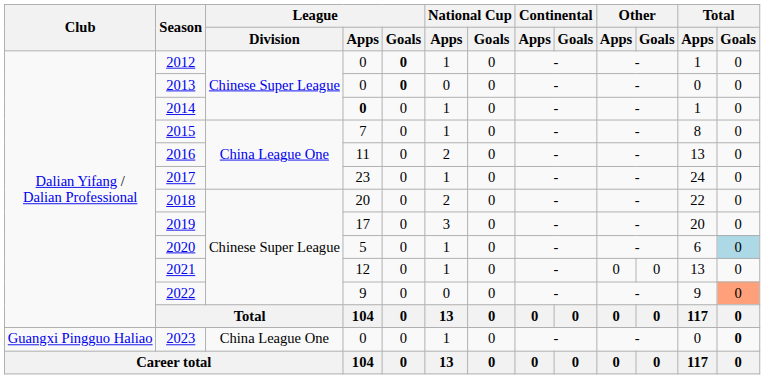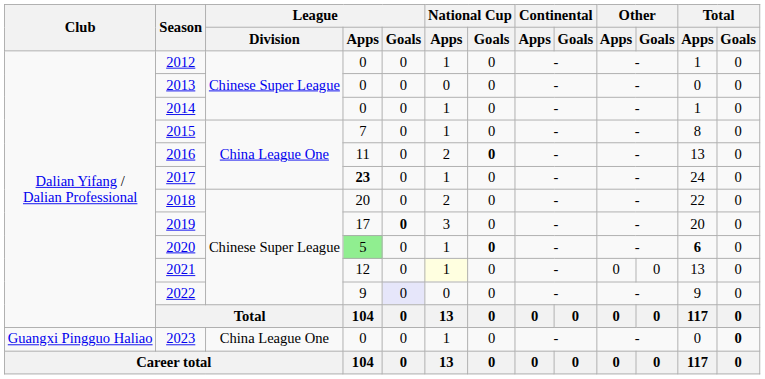 <table class="wikitable" style="text-align: center">
 <tr>
 <th rowspan="2">Club</th>
 <th rowspan="2">Season</th>
 <th colspan="3">League</th>
 <th colspan="2">National Cup</th>
 <th colspan="2">Continental</th>
 <th colspan="2">Other</th>
 <th colspan="2">Total</th>
 </tr>
 <tr>
 <th>Division</th>
 <th>Apps</th>
 <th>Goals</th>
 <th>Apps</th>
 <th>Goals</th>
 <th>Apps</th>
 <th>Goals</th>
 <th>Apps</th>
 <th>Goals</th>
 <th>Apps</th>
 <th>Goals</th>
 </tr>
 <tr>
 <td rowspan="12"><a href='#'>Dalian Yifang</a> /<br><a href='#'>Dalian Professional</a></td>
 <td><a href='#'>2012</a></td>
 <td rowspan="3"><a href='#'>Chinese Super League</a></td>
 <td>0</td>
-<td><strong>0</strong></td>
+<td>0</td>
 <td>1</td>
 <td>0</td>
 <td colspan="2">-</td>
 <td colspan="2">-</td>
 <td>1</td>
 <td>0</td>
 </tr>
 <tr>
 <td><a href='#'>2013</a></td>
 <td>0</td>
-<td><strong>0</strong></td>
+<td>0</td>
 <td>0</td>
 <td>0</td>
 <td colspan="2">-</td>
 <td colspan="2">-</td>
 <td>0</td>
 <td>0</td>
 </tr>
 <tr>
 <td><a href='#'>2014</a></td>
-<td><strong>0</strong></td>
+<td>0</td>
 <td>0</td>
 <td>1</td>
 <td>0</td>
 <td colspan="2">-</td>
 <td colspan="2">-</td>
 <td>1</td>
 <td>0</td>
 </tr>
 <tr>
 <td><a href='#'>2015</a></td>
 <td rowspan="3"><a href='#'>China League One</a></td>
 <td>7</td>
 <td>0</td>
 <td>1</td>
 <td>0</td>
 <td colspan="2">-</td>
 <td colspan="2">-</td>
 <td>8</td>
 <td>0</td>
 </tr>
 <tr>
 <td><a href='#'>2016</a></td>
 <td>11</td>
 <td>0</td>
 <td>2</td>
-<td>0</td>
+<td><strong>0</strong></td>
 <td colspan="2">-</td>
 <td colspan="2">-</td>
 <td>13</td>
 <td>0</td>
 </tr>
 <tr>
 <td><a href='#'>2017</a></td>
-<td>23</td>
+<td><strong>23</strong></td>
 <td>0</td>
 <td>1</td>
 <td>0</td>
 <td colspan="2">-</td>
 <td colspan="2">-</td>
 <td>24</td>
 <td>0</td>
 </tr>
 <tr>
 <td><a href='#'>2018</a></td>
 <td rowspan="5">Chinese Super League</td>
 <td>20</td>
 <td>0</td>
 <td>2</td>
 <td>0</td>
 <td colspan="2">-</td>
 <td colspan="2">-</td>
 <td>22</td>
 <td>0</td>
 </tr>
 <tr>
 <td><a href='#'>2019</a></td>
 <td>17</td>
-<td>0</td>
+<td><strong>0</strong></td>
 <td>3</td>
 <td>0</td>
 <td colspan="2">-</td>
 <td colspan="2">-</td>
 <td>20</td>
 <td>0</td>
 </tr>
 <tr>
 <td><a href='#'>2020</a></td>
-<td>5</td>
+<td style="background: lightgreen;">5</td>
 <td>0</td>
 <td>1</td>
-<td>0</td>
+<td><strong>0</strong></td>
 <td colspan="2">-</td>
 <td colspan="2">-</td>
-<td>6</td>
-<td style="background: lightblue;">0</td>
+<td><strong>6</strong></td>
+<td>0</td>
 </tr>
 <tr>
 <td><a href='#'>2021</a></td>
 <td>12</td>
 <td>0</td>
-<td>1</td>
+<td style="background: lightyellow;">1</td>
 <td>0</td>
 <td colspan="2">-</td>
 <td>0</td>
 <td>0</td>
 <td>13</td>
 <td>0</td>
 </tr>
 <tr>
 <td><a href='#'>2022</a></td>
 <td>9</td>
-<td>0</td>
+<td style="background: lavender;">0</td>
 <td>0</td>
 <td>0</td>
 <td colspan="2">-</td>
 <td colspan="2">-</td>
 <td>9</td>
-<td style="background: lightsalmon;">0</td>
+<td>0</td>
 </tr>
 <tr>
 <th colspan="2">Total</th>
 <th>104</th>
 <th>0</th>
 <th>13</th>
 <th>0</th>
 <th>0</th>
 <th>0</th>
 <th>0</th>
 <th>0</th>
 <th>117</th>
 <th>0</th>
 </tr>
 <tr>
 <td><a href='#'>Guangxi Pingguo Haliao</a></td>
 <td><a href='#'>2023</a></td>
 <td>China League One</td>
 <td>0</td>
 <td>0</td>
 <td>1</td>
 <td>0</td>
 <td colspan="2">-</td>
 <td colspan="2">-</td>
 <td>0</td>
 <td><strong>0</strong></td>
 </tr>
 <tr>
 <th colspan=3>Career total</th>
 <th>104</th>
 <th>0</th>
 <th>13</th>
 <th>0</th>
 <th>0</th>
 <th>0</th>
 <th>0</th>
 <th>0</th>
 <th>117</th>
 <th>0</th>
 </tr>
 </table>
